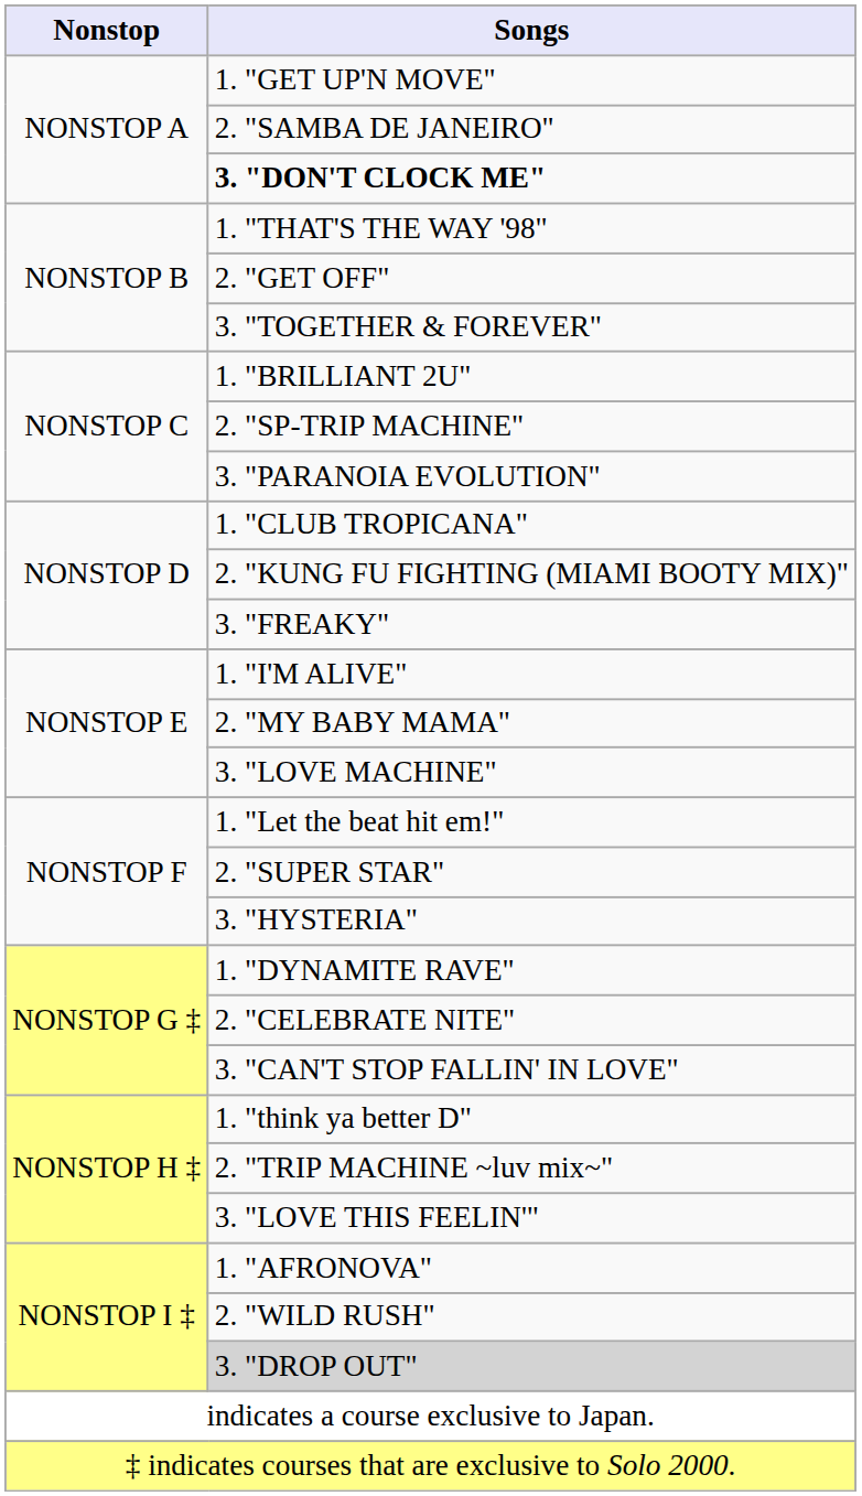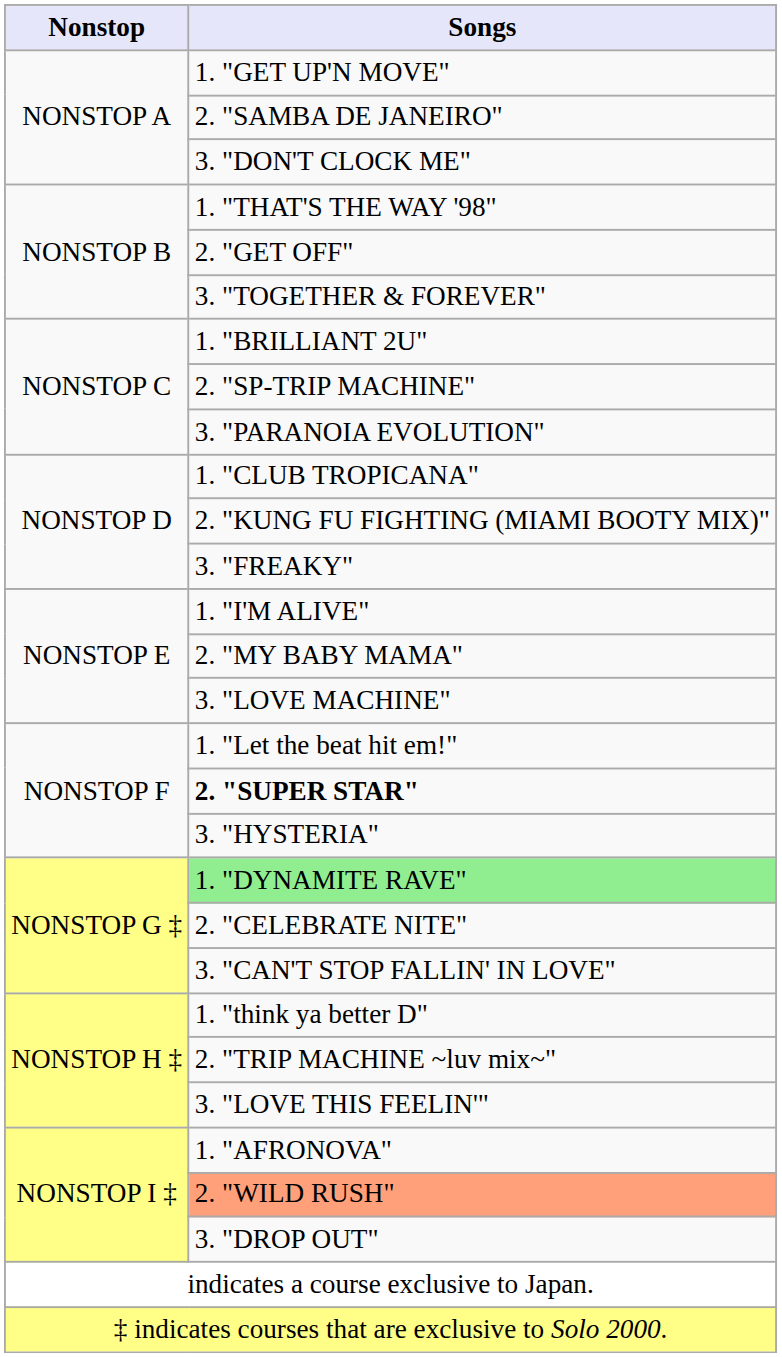 <table class="wikitable" style="font-size:90%;">
 <tr>
 <th style="background:lavender;">Nonstop</th>
 <th style="background:lavender;">Songs</th>
 </tr>
 <tr>
 <td rowspan="3" style="text-align:center;">NONSTOP A</td>
 <td>1. "GET UP'N MOVE"</td>
 </tr>
 <tr>
 <td>2. "SAMBA DE JANEIRO"</td>
 </tr>
 <tr>
-<td><strong>3. "DON'T CLOCK ME"</strong></td>
+<td>3. "DON'T CLOCK ME"</td>
 </tr>
 <tr>
 <td rowspan="3" style="text-align:center;">NONSTOP B </td>
 <td>1. "THAT'S THE WAY '98"</td>
 </tr>
 <tr>
 <td>2. "GET OFF"</td>
 </tr>
 <tr>
 <td>3. "TOGETHER & FOREVER"</td>
 </tr>
 <tr>
 <td rowspan="3" style="text-align:center;">NONSTOP C</td>
 <td>1. "BRILLIANT 2U"</td>
 </tr>
 <tr>
 <td>2. "SP-TRIP MACHINE"</td>
 </tr>
 <tr>
 <td>3. "PARANOIA EVOLUTION"</td>
 </tr>
 <tr>
 <td rowspan="3" style="text-align:center;">NONSTOP D</td>
 <td>1. "CLUB TROPICANA"</td>
 </tr>
 <tr>
 <td>2. "KUNG FU FIGHTING (MIAMI BOOTY MIX)"</td>
 </tr>
 <tr>
 <td>3. "FREAKY"</td>
 </tr>
 <tr>
 <td rowspan="3" style="text-align:center;">NONSTOP E</td>
 <td>1. "I'M ALIVE"</td>
 </tr>
 <tr>
 <td>2. "MY BABY MAMA"</td>
 </tr>
 <tr>
 <td>3. "LOVE MACHINE"</td>
 </tr>
 <tr>
 <td rowspan="3" style="text-align:center;">NONSTOP F</td>
 <td>1. "Let the beat hit em!"</td>
 </tr>
 <tr>
-<td>2. "SUPER STAR"</td>
+<td><strong>2. "SUPER STAR"</strong></td>
 </tr>
 <tr>
 <td>3. "HYSTERIA"</td>
 </tr>
 <tr>
 <td rowspan="3" style="background:#ffff88; text-align:center;">NONSTOP G ‡</td>
-<td>1. "DYNAMITE RAVE"</td>
+<td style="background: lightgreen;">1. "DYNAMITE RAVE"</td>
 </tr>
 <tr>
 <td>2. "CELEBRATE NITE"</td>
 </tr>
 <tr>
 <td>3. "CAN'T STOP FALLIN' IN LOVE"</td>
 </tr>
 <tr>
 <td rowspan="3" style="background:#ffff88; text-align:center;">NONSTOP H ‡</td>
 <td>1. "think ya better D"</td>
 </tr>
 <tr>
 <td>2. "TRIP MACHINE ~luv mix~"</td>
 </tr>
 <tr>
 <td>3. "LOVE THIS FEELIN'"</td>
 </tr>
 <tr>
 <td rowspan="3" style="background:#ffff88; text-align:center;">NONSTOP I ‡</td>
 <td>1. "AFRONOVA"</td>
 </tr>
 <tr>
-<td>2. "WILD RUSH"</td>
+<td style="background: lightsalmon;">2. "WILD RUSH"</td>
 </tr>
 <tr>
-<td style="background: lightgrey;">3. "DROP OUT"</td>
+<td>3. "DROP OUT"</td>
 </tr>
 <tr>
 <td colspan="2" style="background:#ffffff; text-align: center;"> indicates a course exclusive to Japan.</td>
 </tr>
 <tr>
 <td colspan="2" style="background:#ffff88; text-align: center;">‡ indicates courses that are exclusive to <em> Solo 2000</em>.</td>
 </tr>
 </table>
